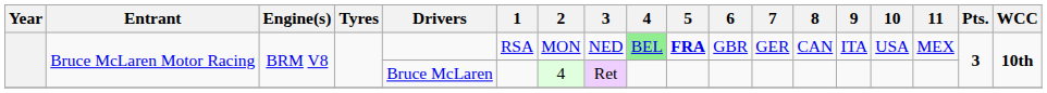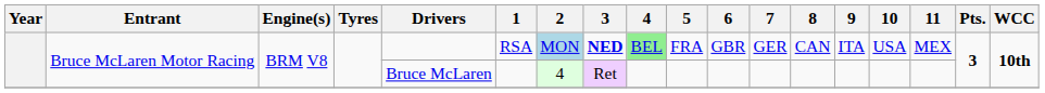 <table class="wikitable" style="text-align:center; font-size:95%">
 <tr>
 <th>Year</th>
 <th>Entrant</th>
 <th>Engine(s)</th>
 <th>Tyres</th>
 <th>Drivers</th>
 <th>1</th>
 <th>2</th>
 <th>3</th>
 <th>4</th>
 <th>5</th>
 <th>6</th>
 <th>7</th>
 <th>8</th>
 <th>9</th>
 <th>10</th>
 <th>11</th>
 <th>Pts.</th>
 <th>WCC</th>
 </tr>
 <tr>
 <th rowspan="2"></th>
 <td rowspan="2"><a href='#'>Bruce McLaren Motor Racing</a></td>
 <td rowspan="2"><a href='#'>BRM</a> <a href='#'>V8</a></td>
 <td rowspan="2"></td>
 <td></td>
 <td><a href='#'>RSA</a></td>
-<td><a href='#'>MON</a></td>
-<td><a href='#'>NED</a></td>
+<td style="background: lightblue;"><a href='#'>MON</a></td>
+<td><strong><a href='#'>NED</a></strong></td>
 <td style="background: lightgreen;"><a href='#'>BEL</a></td>
-<td><strong><a href='#'>FRA</a></strong></td>
+<td><a href='#'>FRA</a></td>
 <td><a href='#'>GBR</a></td>
 <td><a href='#'>GER</a></td>
 <td><a href='#'>CAN</a></td>
 <td><a href='#'>ITA</a></td>
 <td><a href='#'>USA</a></td>
 <td><a href='#'>MEX</a></td>
 <td rowspan="2"><strong>3</strong></td>
 <td rowspan="2"><strong>10th</strong></td>
 </tr>
 <tr>
 <td><a href='#'>Bruce McLaren</a></td>
 <td></td>
 <td style="background:#dfffdf;">4</td>
 <td style="background:#efcfff;">Ret</td>
 <td></td>
 <td></td>
 <td></td>
 <td></td>
 <td></td>
 <td></td>
 <td></td>
 <td></td>
 </tr>
 <tr>
 </tr>
 </table>
